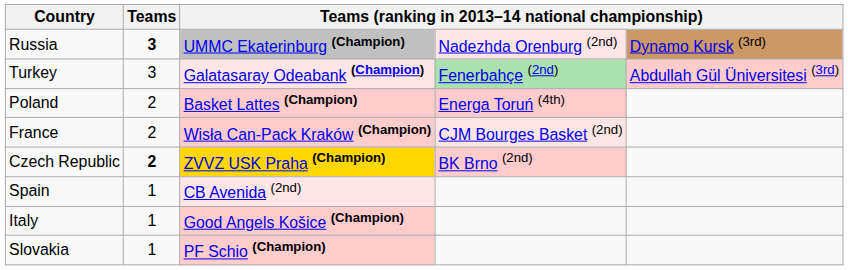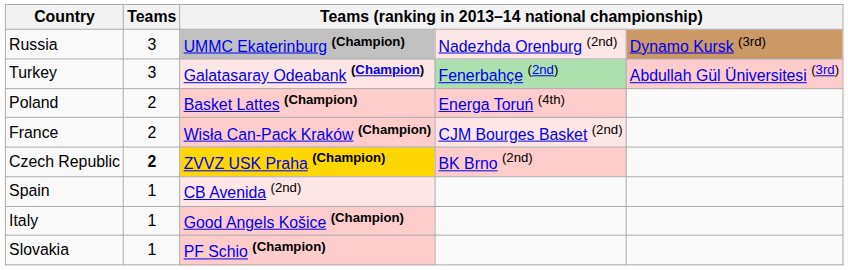 <table class="wikitable" style="margin-left:0.5em;">
 <tr>
 <th>Country</th>
 <th>Teams</th>
 <th colspan=5>Teams (ranking in 2013–14 national championship)</th>
 </tr>
 <tr>
 <td bgcolor=> Russia</td>
-<td align=center><strong>3</strong></td>
+<td align=center>3</td>
 <td style="background:silver;"><a href='#'>UMMC Ekaterinburg</a> <sup><strong>(Champion)</strong></sup></td>
 <td style="background:#ffe6e6;"><a href='#'>Nadezhda Orenburg</a> <sup>(2nd)</sup></td>
 <td style="background:#CC9966;"><a href='#'>Dynamo Kursk</a> <sup>(3rd)</sup></td>
 </tr>
 <tr>
 <td bgcolor=> Turkey</td>
 <td align=center>3</td>
 <td style="background:#ffe6e6;"><a href='#'>Galatasaray Odeabank</a>  <sup><strong>(<a href='#'>Champion</a>)</strong></sup></td>
 <td style="background:#ACE1AF;"><a href='#'>Fenerbahçe</a> <sup>(<a href='#'>2nd</a>)</sup></td>
 <td style="background:#fcc;"><a href='#'>Abdullah Gül Üniversitesi</a> <sup>(<a href='#'>3rd</a>)</sup></td>
 </tr>
 <tr>
 <td bgcolor=> Poland</td>
 <td align=center>2</td>
 <td style="background:#fcc;"><a href='#'>Basket Lattes</a> <sup><strong>(Champion)</strong></sup></td>
 <td style="background:#fcc;"><a href='#'>Energa Toruń</a> <sup>(4th)</sup></td>
 <td></td>
 </tr>
 <tr>
 <td bgcolor=> France</td>
 <td align=center>2</td>
 <td style="background:#fcc;"><a href='#'>Wisła Can-Pack Kraków</a> <sup><strong>(Champion)</strong></sup></td>
 <td style="background:#ffe6e6;"><a href='#'>CJM Bourges Basket</a> <sup>(2nd)</sup></td>
 <td></td>
 </tr>
 <tr>
 <td bgcolor=> Czech Republic</td>
 <td align=center><strong>2</strong></td>
 <td style="background:gold;"><a href='#'>ZVVZ USK Praha</a> <sup><strong>(Champion)</strong></sup></td>
 <td style="background:#fcc;"><a href='#'>BK Brno</a> <sup>(2nd)</sup></td>
 <td></td>
 </tr>
 <tr>
 <td bgcolor=> Spain</td>
 <td align=center>1</td>
 <td style="background:#ffe6e6;"><a href='#'>CB Avenida</a> <sup>(2nd)</sup></td>
 <td></td>
 <td></td>
 </tr>
 <tr>
 <td bgcolor=> Italy</td>
 <td align=center>1</td>
 <td style="background:#fcc;"><a href='#'>Good Angels Košice</a>  <sup><strong>(Champion)</strong></sup></td>
 <td></td>
 <td></td>
 </tr>
 <tr>
 <td bgcolor=> Slovakia</td>
 <td align=center>1</td>
 <td style="background:#fcc;"><a href='#'>PF Schio</a> <sup><strong>(Champion)</strong></sup></td>
 <td></td>
 <td></td>
 </tr>
 </table>
